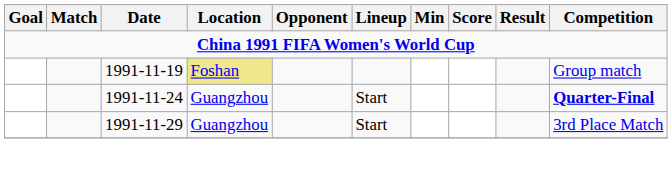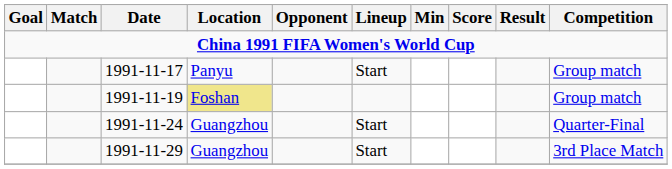 <table class="wikitable collapsible" style="fontsize:90%;">
 <tr>
 <th>Goal</th>
 <th>Match</th>
 <th>Date</th>
 <th>Location</th>
 <th>Opponent</th>
 <th>Lineup</th>
 <th>Min</th>
 <th>Score</th>
 <th>Result</th>
 <th>Competition</th>
 </tr>
 <tr>
 <td colspan=10 align=center > <strong><a href='#'>China 1991 FIFA Women's World Cup</a></strong></td>
+</tr>
+<tr>
+<td style="background:white;"></td>
+<td></td>
+<td>1991-11-17</td>
+<td><a href='#'>Panyu</a></td>
+<td></td>
+<td>Start</td>
+<td style="background:white;"></td>
+<td style="background:white;"></td>
+<td></td>
+<td><a href='#'>Group match</a></td>
 </tr>
 <tr>
 <td style="background:white;"></td>
 <td></td>
 <td>1991-11-19</td>
 <td style="background: khaki;"><a href='#'>Foshan</a></td>
 <td></td>
 <td></td>
 <td style="background:white;"></td>
 <td style="background:white;"></td>
 <td></td>
 <td><a href='#'>Group match</a></td>
 </tr>
 <tr>
 <td style="background:white;"></td>
 <td></td>
 <td>1991-11-24</td>
 <td><a href='#'>Guangzhou</a></td>
 <td></td>
 <td>Start</td>
 <td style="background:white;"></td>
 <td style="background:white;"></td>
 <td></td>
-<td><strong><a href='#'>Quarter-Final</a></strong></td>
+<td><a href='#'>Quarter-Final</a></td>
 </tr>
 <tr>
 <td style="background:white;"></td>
 <td></td>
 <td>1991-11-29</td>
 <td><a href='#'>Guangzhou</a></td>
 <td></td>
 <td>Start</td>
 <td style="background:white;"></td>
 <td style="background:white;"></td>
 <td></td>
 <td><a href='#'>3rd Place Match</a></td>
 </tr>
 <tr>
 </tr>
 </table>
